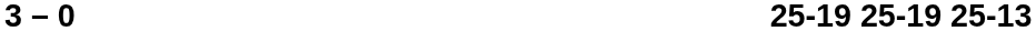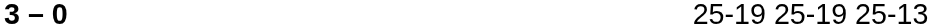 <table width=100% cellspacing=1>
 <tr>
 <th width=20%></th>
 <th width=12%></th>
 <th width=20%></th>
 <th width=33%></th>
 <td></td>
 </tr>
 <tr style=font-size:90%>
 <td align=right><strong></strong></td>
 <td align=center><strong>3 – 0</strong></td>
 <td></td>
-<td><strong>25-19 25-19 25-13</strong></td>
+<td>25-19 25-19 25-13</td>
 </tr>
 </table>
